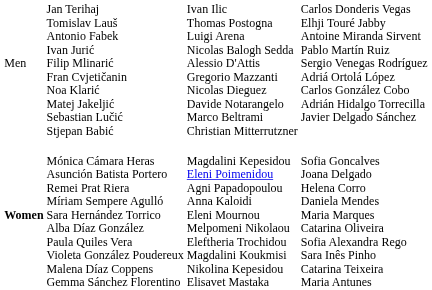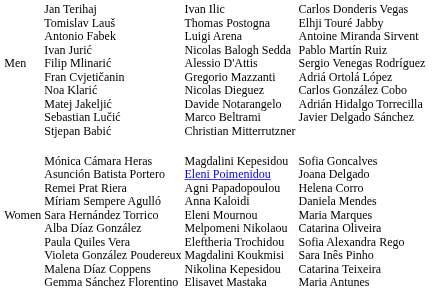 <table>
 <tr>
 <td>Men</td>
 <td><br>Jan Terihaj<br>Tomislav Lauš<br>Antonio Fabek<br>Ivan Jurić<br>Filip Mlinarić<br>Fran Cvjetičanin<br>Noa Klarić<br>Matej Jakeljić<br>Sebastian Lučić<br>Stjepan Babić</td>
 <td nowrap><br>Ivan Ilic<br>Thomas Postogna<br>Luigi Arena<br>Nicolas Balogh Sedda<br>Alessio D'Attis<br>Gregorio Mazzanti<br>Nicolas Dieguez<br>Davide Notarangelo<br>Marco Beltrami<br>Christian Mitterrutzner</td>
 <td valign=top nowrap><br>Carlos Donderis Vegas<br>Elhji Touré Jabby<br>Antoine Miranda Sirvent<br>Pablo Martín Ruiz<br>Sergio Venegas Rodríguez<br>Adriá Ortolá López<br>Carlos González Cobo<br>Adrián Hidalgo Torrecilla<br>Javier Delgado Sánchez</td>
 </tr>
 <tr>
-<td><strong>Women</strong></td>
+<td>Women</td>
 <td nowrap><br>Mónica Cámara Heras<br>Asunción Batista Portero<br>Remei Prat Riera<br>Míriam Sempere Agulló<br>Sara Hernández Torrico<br>Alba Díaz González<br>Paula Quiles Vera<br>Violeta González Poudereux<br>Malena Díaz Coppens<br>Gemma Sánchez Florentino</td>
 <td><br>Magdalini Kepesidou<br><a href='#'>Eleni Poimenidou</a><br>Agni Papadopoulou<br>Anna Kaloidi<br>Eleni Mournou<br>Melpomeni Nikolaou<br>Eleftheria Trochidou<br>Magdalini Koukmisi<br>Nikolina Kepesidou<br>Elisavet Mastaka</td>
 <td><br>Sofia Goncalves<br>Joana Delgado<br>Helena Corro<br>Daniela Mendes<br>Maria Marques<br>Catarina Oliveira<br>Sofia Alexandra Rego<br>Sara Inês Pinho<br>Catarina Teixeira<br>Maria Antunes</td>
 </tr>
 </table>
